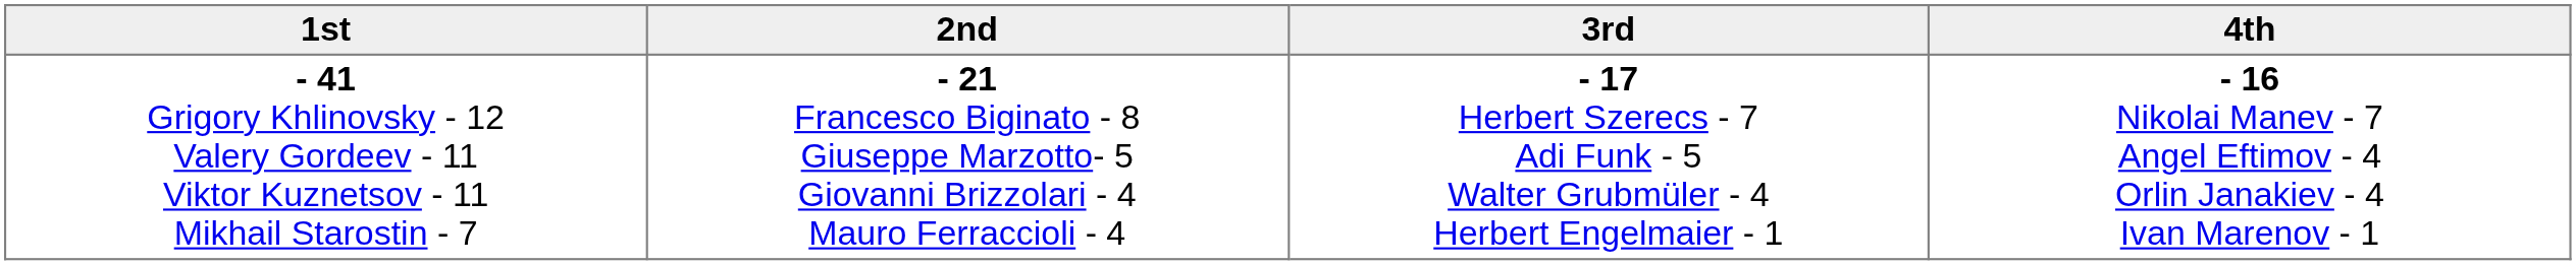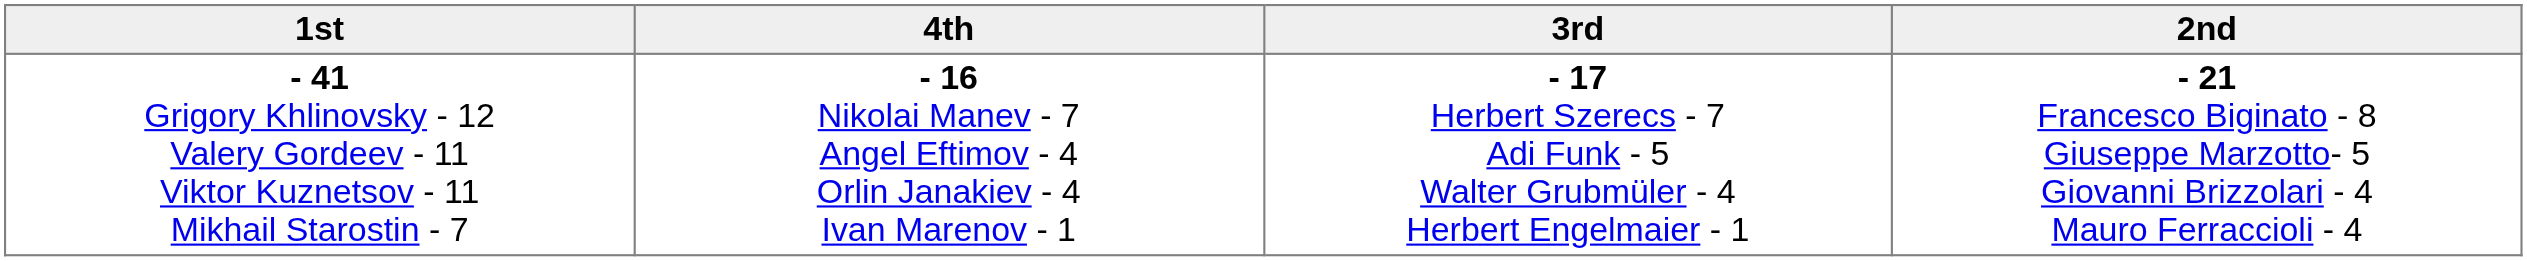 <table border=1 cellpadding=2 cellspacing=0 width=75% style="border-collapse:collapse">
 <tr align=center style="background:#efefef;">
 <th width=20% >1st</th>
+<th width=20%>4th</th>
+<th width=20% >3rd</th>
 <th width=20% >2nd</th>
-<th width=20% >3rd</th>
-<th width=20%>4th</th>
 </tr>
 <tr align=center>
 <td valign=top ><strong> - 41</strong><br><a href='#'>Grigory Khlinovsky</a> - 12<br><a href='#'>Valery Gordeev</a> - 11<br><a href='#'>Viktor Kuznetsov</a> - 11<br><a href='#'>Mikhail Starostin</a> - 7</td>
+<td valign=top><strong> - 16</strong><br><a href='#'>Nikolai Manev</a> - 7<br><a href='#'>Angel Eftimov</a> - 4<br><a href='#'>Orlin Janakiev</a> - 4<br><a href='#'>Ivan Marenov</a>  - 1</td>
+<td valign=top ><strong> - 17</strong><br><a href='#'>Herbert Szerecs</a> - 7<br><a href='#'>Adi Funk</a> - 5<br><a href='#'>Walter Grubmüler</a> - 4<br><a href='#'>Herbert Engelmaier</a> - 1</td>
 <td valign=top ><strong> - 21</strong><br><a href='#'>Francesco Biginato</a> - 8<br><a href='#'>Giuseppe Marzotto</a>- 5<br><a href='#'>Giovanni Brizzolari</a> - 4<br><a href='#'>Mauro Ferraccioli</a> - 4</td>
-<td valign=top ><strong> - 17</strong><br><a href='#'>Herbert Szerecs</a> - 7<br><a href='#'>Adi Funk</a> - 5<br><a href='#'>Walter Grubmüler</a> - 4<br><a href='#'>Herbert Engelmaier</a> - 1</td>
-<td valign=top><strong> - 16</strong><br><a href='#'>Nikolai Manev</a> - 7<br><a href='#'>Angel Eftimov</a> - 4<br><a href='#'>Orlin Janakiev</a> - 4<br><a href='#'>Ivan Marenov</a>  - 1</td>
 </tr>
 </table>
